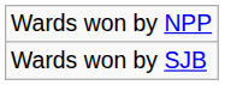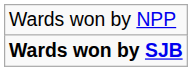 <table class="wikitable">
 <tr>
 <td>Wards won by <a href='#'>NPP</a></td>
 </tr>
 <tr>
-<td>Wards won by <a href='#'>SJB</a></td>
+<td><strong>Wards won by <a href='#'>SJB</a></strong></td>
 </tr>
 </table>
